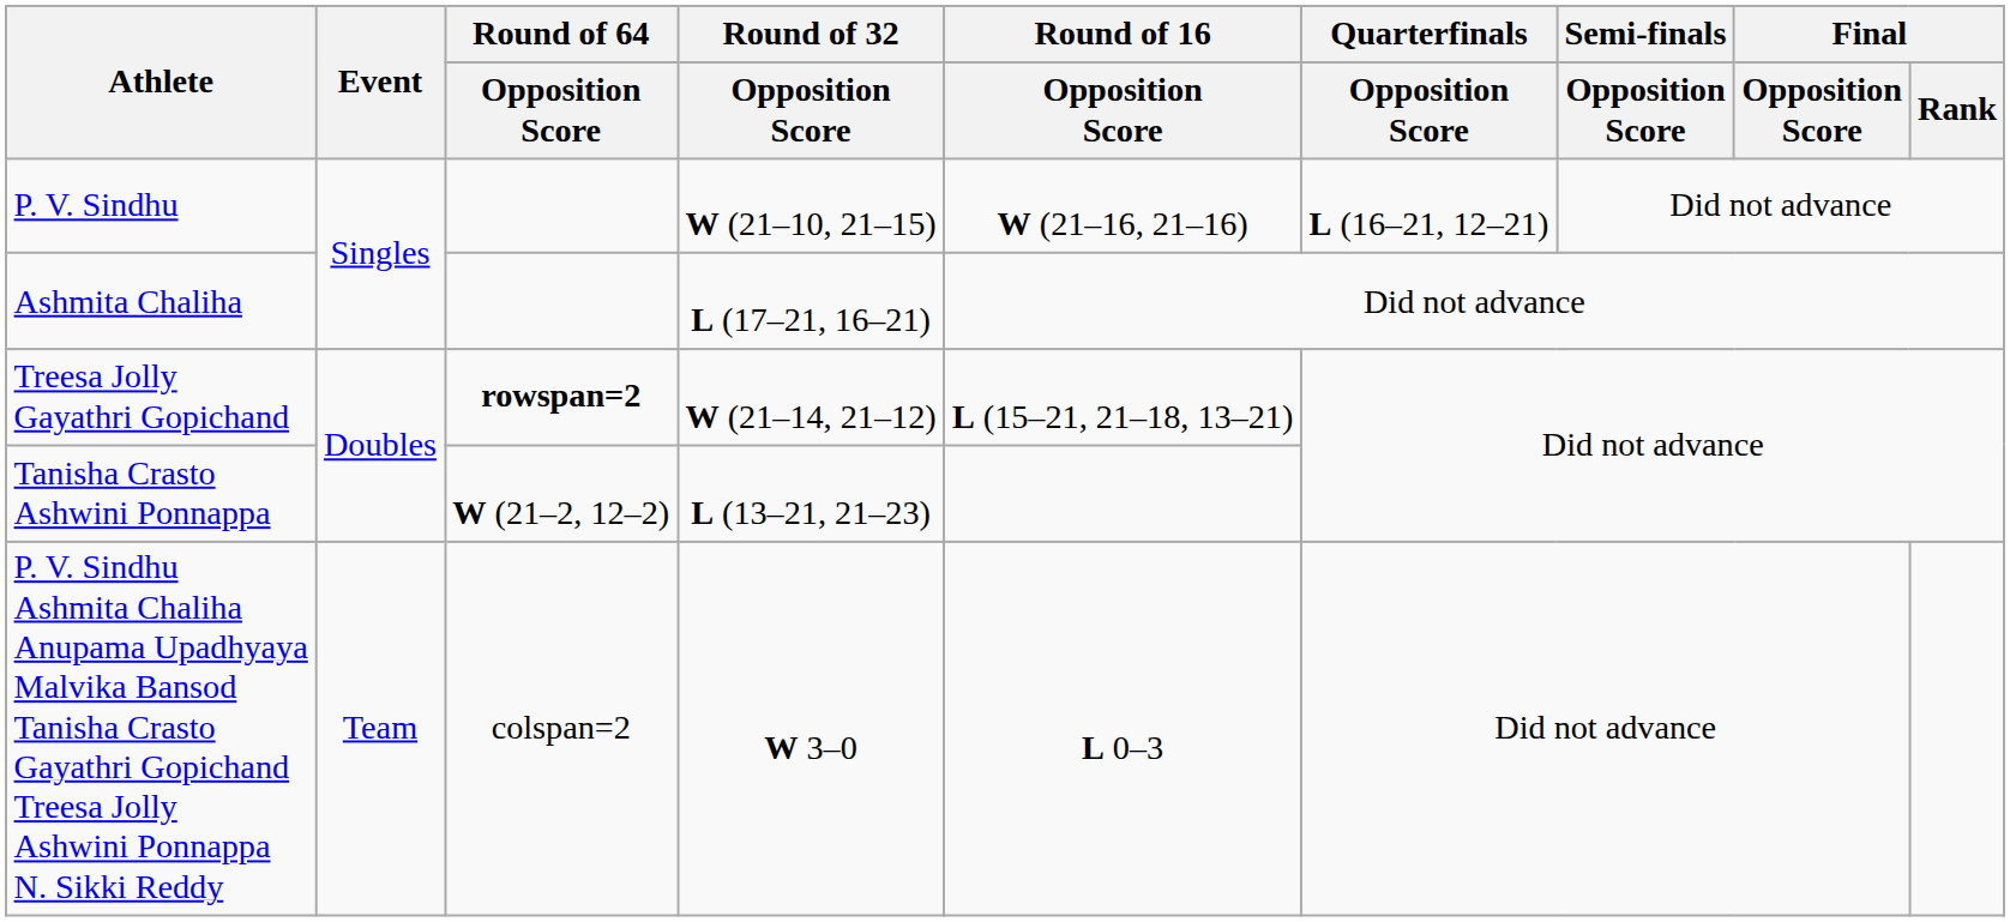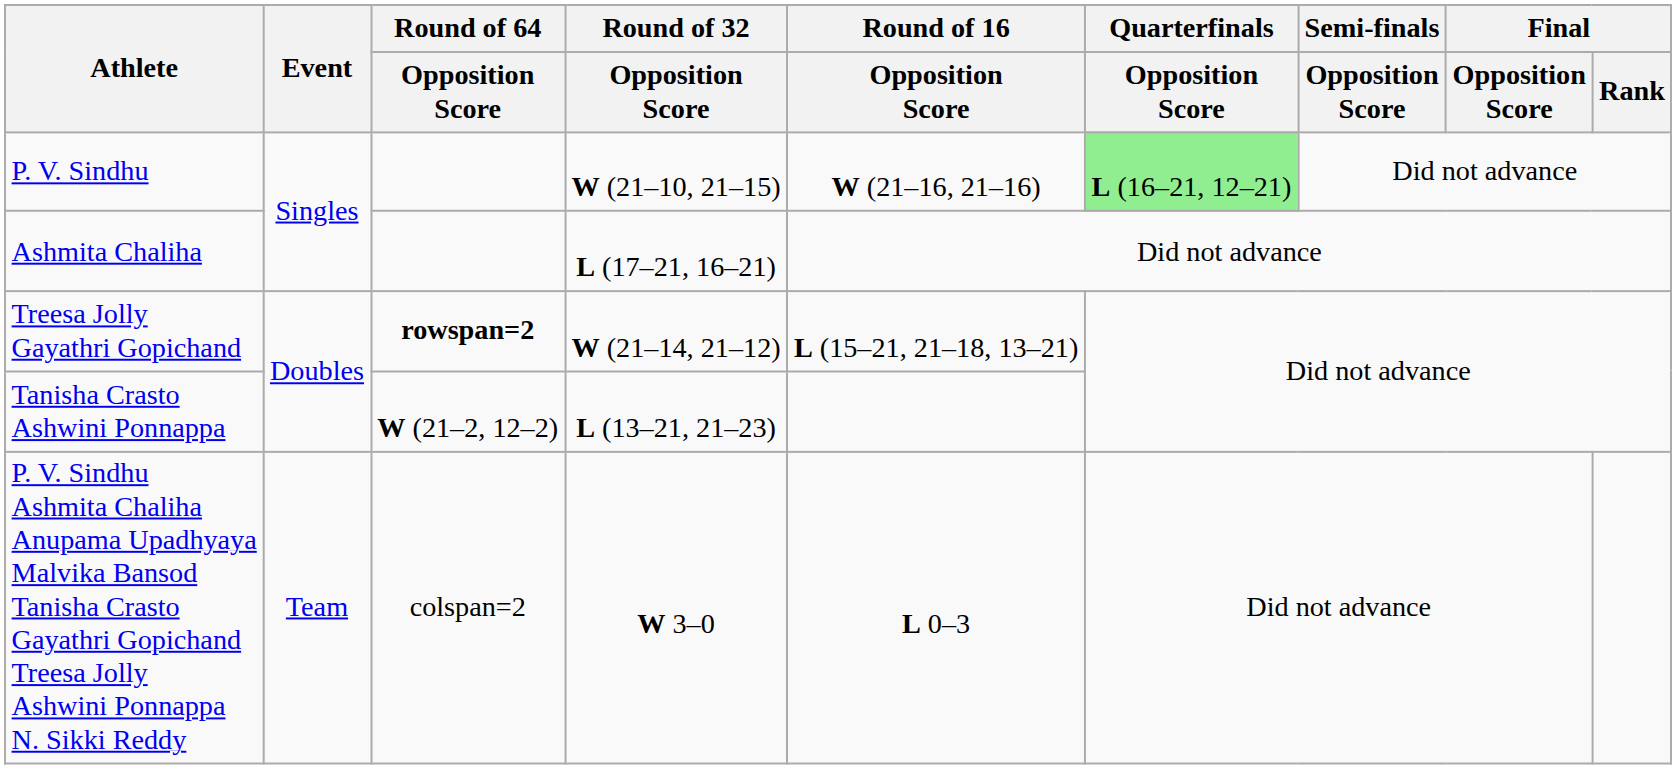 <table class=wikitable style="text-align:center; font-size:90%">
 <tr>
 <th rowspan="2">Athlete</th>
 <th rowspan="2">Event</th>
 <th>Round of 64</th>
 <th>Round of 32</th>
 <th>Round of 16</th>
 <th>Quarterfinals</th>
 <th>Semi-finals</th>
 <th colspan="2">Final</th>
 </tr>
 <tr>
 <th>Opposition<br>Score</th>
 <th>Opposition<br>Score</th>
 <th>Opposition<br>Score</th>
 <th>Opposition<br>Score</th>
 <th>Opposition<br>Score</th>
 <th>Opposition<br>Score</th>
 <th>Rank</th>
 </tr>
 <tr>
 <td style="text-align:left"><a href='#'>P. V. Sindhu</a></td>
 <td rowspan="2"><a href='#'>Singles</a></td>
 <td></td>
 <td><br><strong>W</strong> (21–10, 21–15)</td>
 <td><br><strong>W</strong> (21–16, 21–16)</td>
-<td><br><strong>L</strong> (16–21, 12–21)</td>
+<td style="background: lightgreen;"><br><strong>L</strong> (16–21, 12–21)</td>
 <td colspan=3>Did not advance</td>
 </tr>
 <tr>
 <td style="text-align:left"><a href='#'>Ashmita Chaliha</a></td>
 <td></td>
 <td><br><strong>L</strong> (17–21, 16–21)</td>
 <td colspan=5>Did not advance</td>
 </tr>
 <tr>
 <td style="text-align:left"><a href='#'>Treesa Jolly</a><br><a href='#'>Gayathri Gopichand</a></td>
 <td rowspan="2"><a href='#'>Doubles</a></td>
 <td><strong>rowspan=2 </strong></td>
 <td><br><strong>W</strong> (21–14, 21–12)</td>
 <td><br><strong>L</strong> (15–21, 21–18, 13–21)</td>
 <td colspan=4 rowspan=2>Did not advance</td>
 </tr>
 <tr>
 <td style="text-align:left"><a href='#'>Tanisha Crasto</a><br><a href='#'>Ashwini Ponnappa</a></td>
 <td><br><strong>W</strong> (21–2, 12–2) </td>
 <td><br><strong>L</strong> (13–21, 21–23)</td>
 </tr>
 <tr>
 <td style="text-align:left"><a href='#'>P. V. Sindhu</a><br><a href='#'>Ashmita Chaliha</a><br><a href='#'>Anupama Upadhyaya</a><br><a href='#'>Malvika Bansod</a><br><a href='#'>Tanisha Crasto</a><br><a href='#'>Gayathri Gopichand</a><br><a href='#'>Treesa Jolly</a><br><a href='#'>Ashwini Ponnappa</a><br><a href='#'>N. Sikki Reddy</a></td>
 <td><a href='#'>Team</a></td>
 <td>colspan=2 </td>
 <td><br><strong>W</strong> 3–0</td>
 <td><br><strong>L</strong> 0–3</td>
 <td colspan="3">Did not advance</td>
 </tr>
 </table>
